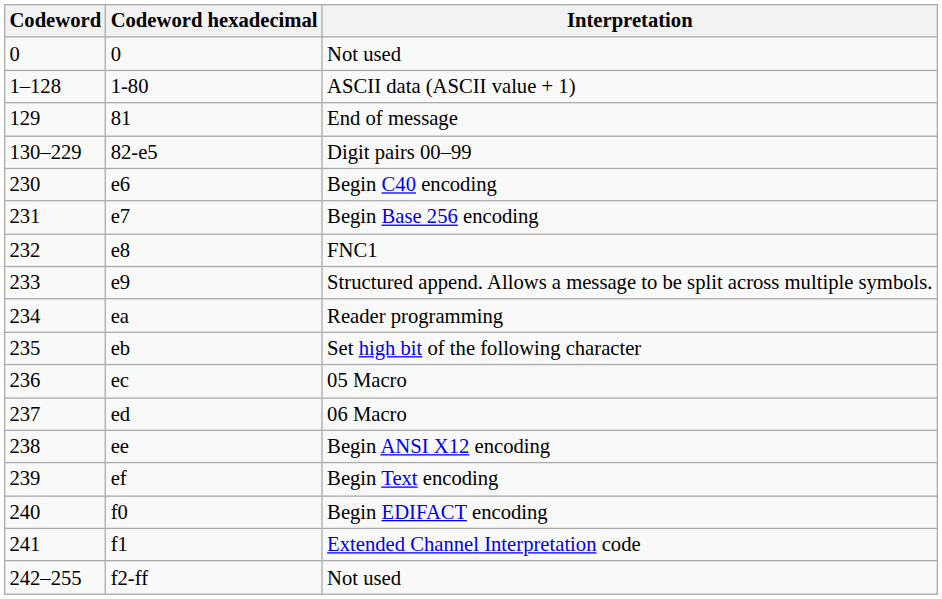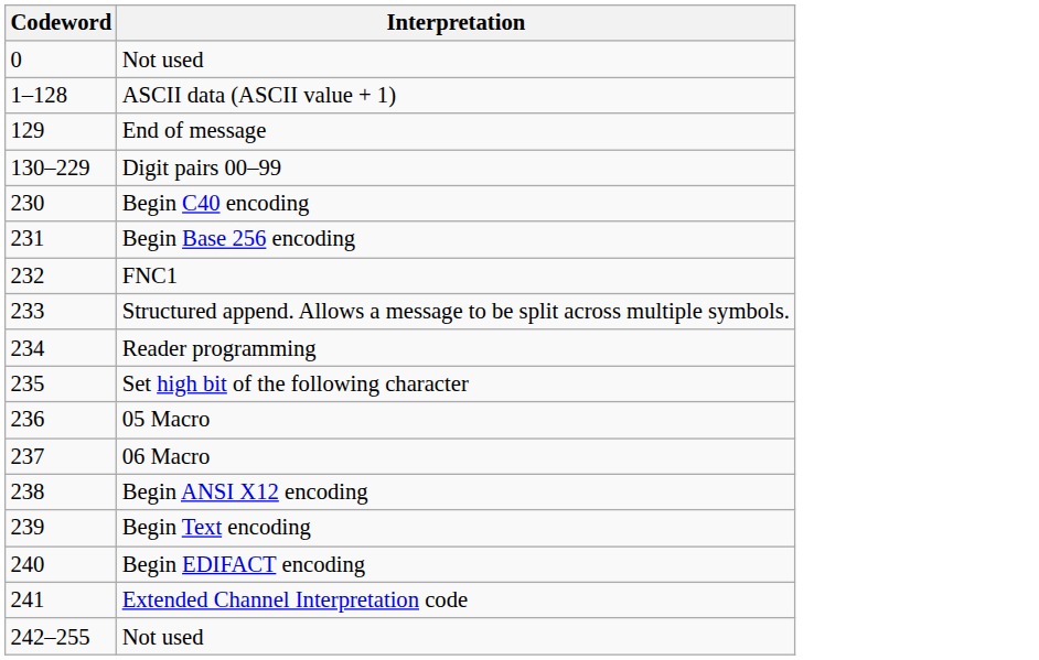 <table class="wikitable">
 <tr>
 <th>Codeword</th>
-<th>Codeword hexadecimal</th>
 <th>Interpretation</th>
 </tr>
 <tr>
-<td>0</td>
 <td>0</td>
 <td>Not used</td>
 </tr>
 <tr>
 <td>1–128</td>
-<td>1-80</td>
 <td>ASCII data (ASCII value + 1)</td>
 </tr>
 <tr>
 <td>129</td>
-<td>81</td>
 <td>End of message</td>
 </tr>
 <tr>
 <td>130–229</td>
-<td>82-e5</td>
 <td>Digit pairs 00–99</td>
 </tr>
 <tr>
 <td>230</td>
-<td>e6</td>
 <td>Begin <a href='#'>C40</a> encoding</td>
 </tr>
 <tr>
 <td>231</td>
-<td>e7</td>
 <td>Begin <a href='#'>Base 256</a> encoding</td>
 </tr>
 <tr>
 <td>232</td>
-<td>e8</td>
 <td>FNC1</td>
 </tr>
 <tr>
 <td>233</td>
-<td>e9</td>
 <td>Structured append. Allows a message to be split across multiple symbols.</td>
 </tr>
 <tr>
 <td>234</td>
-<td>ea</td>
 <td>Reader programming</td>
 </tr>
 <tr>
 <td>235</td>
-<td>eb</td>
 <td>Set <a href='#'>high bit</a> of the following character</td>
 </tr>
 <tr>
 <td>236</td>
-<td>ec</td>
 <td>05 Macro</td>
 </tr>
 <tr>
 <td>237</td>
-<td>ed</td>
 <td>06 Macro</td>
 </tr>
 <tr>
 <td>238</td>
-<td>ee</td>
 <td>Begin <a href='#'>ANSI X12</a> encoding</td>
 </tr>
 <tr>
 <td>239</td>
-<td>ef</td>
 <td>Begin <a href='#'>Text</a> encoding</td>
 </tr>
 <tr>
 <td>240</td>
-<td>f0</td>
 <td>Begin <a href='#'>EDIFACT</a> encoding</td>
 </tr>
 <tr>
 <td>241</td>
-<td>f1</td>
 <td><a href='#'>Extended Channel Interpretation</a> code</td>
 </tr>
 <tr>
 <td>242–255</td>
-<td>f2-ff</td>
 <td>Not used</td>
 </tr>
 </table>
